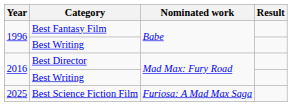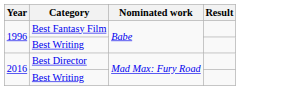 <table class="wikitable">
 <tr>
 <th>Year</th>
 <th>Category</th>
 <th>Nominated work</th>
 <th>Result</th>
 </tr>
 <tr>
 <td rowspan="2"><a href='#'>1996</a></td>
 <td><a href='#'>Best Fantasy Film</a></td>
 <td rowspan="2"><em><a href='#'>Babe</a></em></td>
 <td></td>
 </tr>
 <tr>
 <td><a href='#'>Best Writing</a></td>
 <td></td>
 </tr>
 <tr>
 <td rowspan="2"><a href='#'>2016</a></td>
 <td><a href='#'>Best Director</a></td>
 <td rowspan="2"><em><a href='#'>Mad Max: Fury Road</a></em></td>
 <td></td>
 </tr>
 <tr>
 <td><a href='#'>Best Writing</a></td>
 <td></td>
 </tr>
-<tr>
-<td><a href='#'>2025</a></td>
-<td><a href='#'>Best Science Fiction Film</a></td>
-<td><em><a href='#'>Furiosa: A Mad Max Saga</a></em></td>
-<td></td>
-</tr>
 </table>
